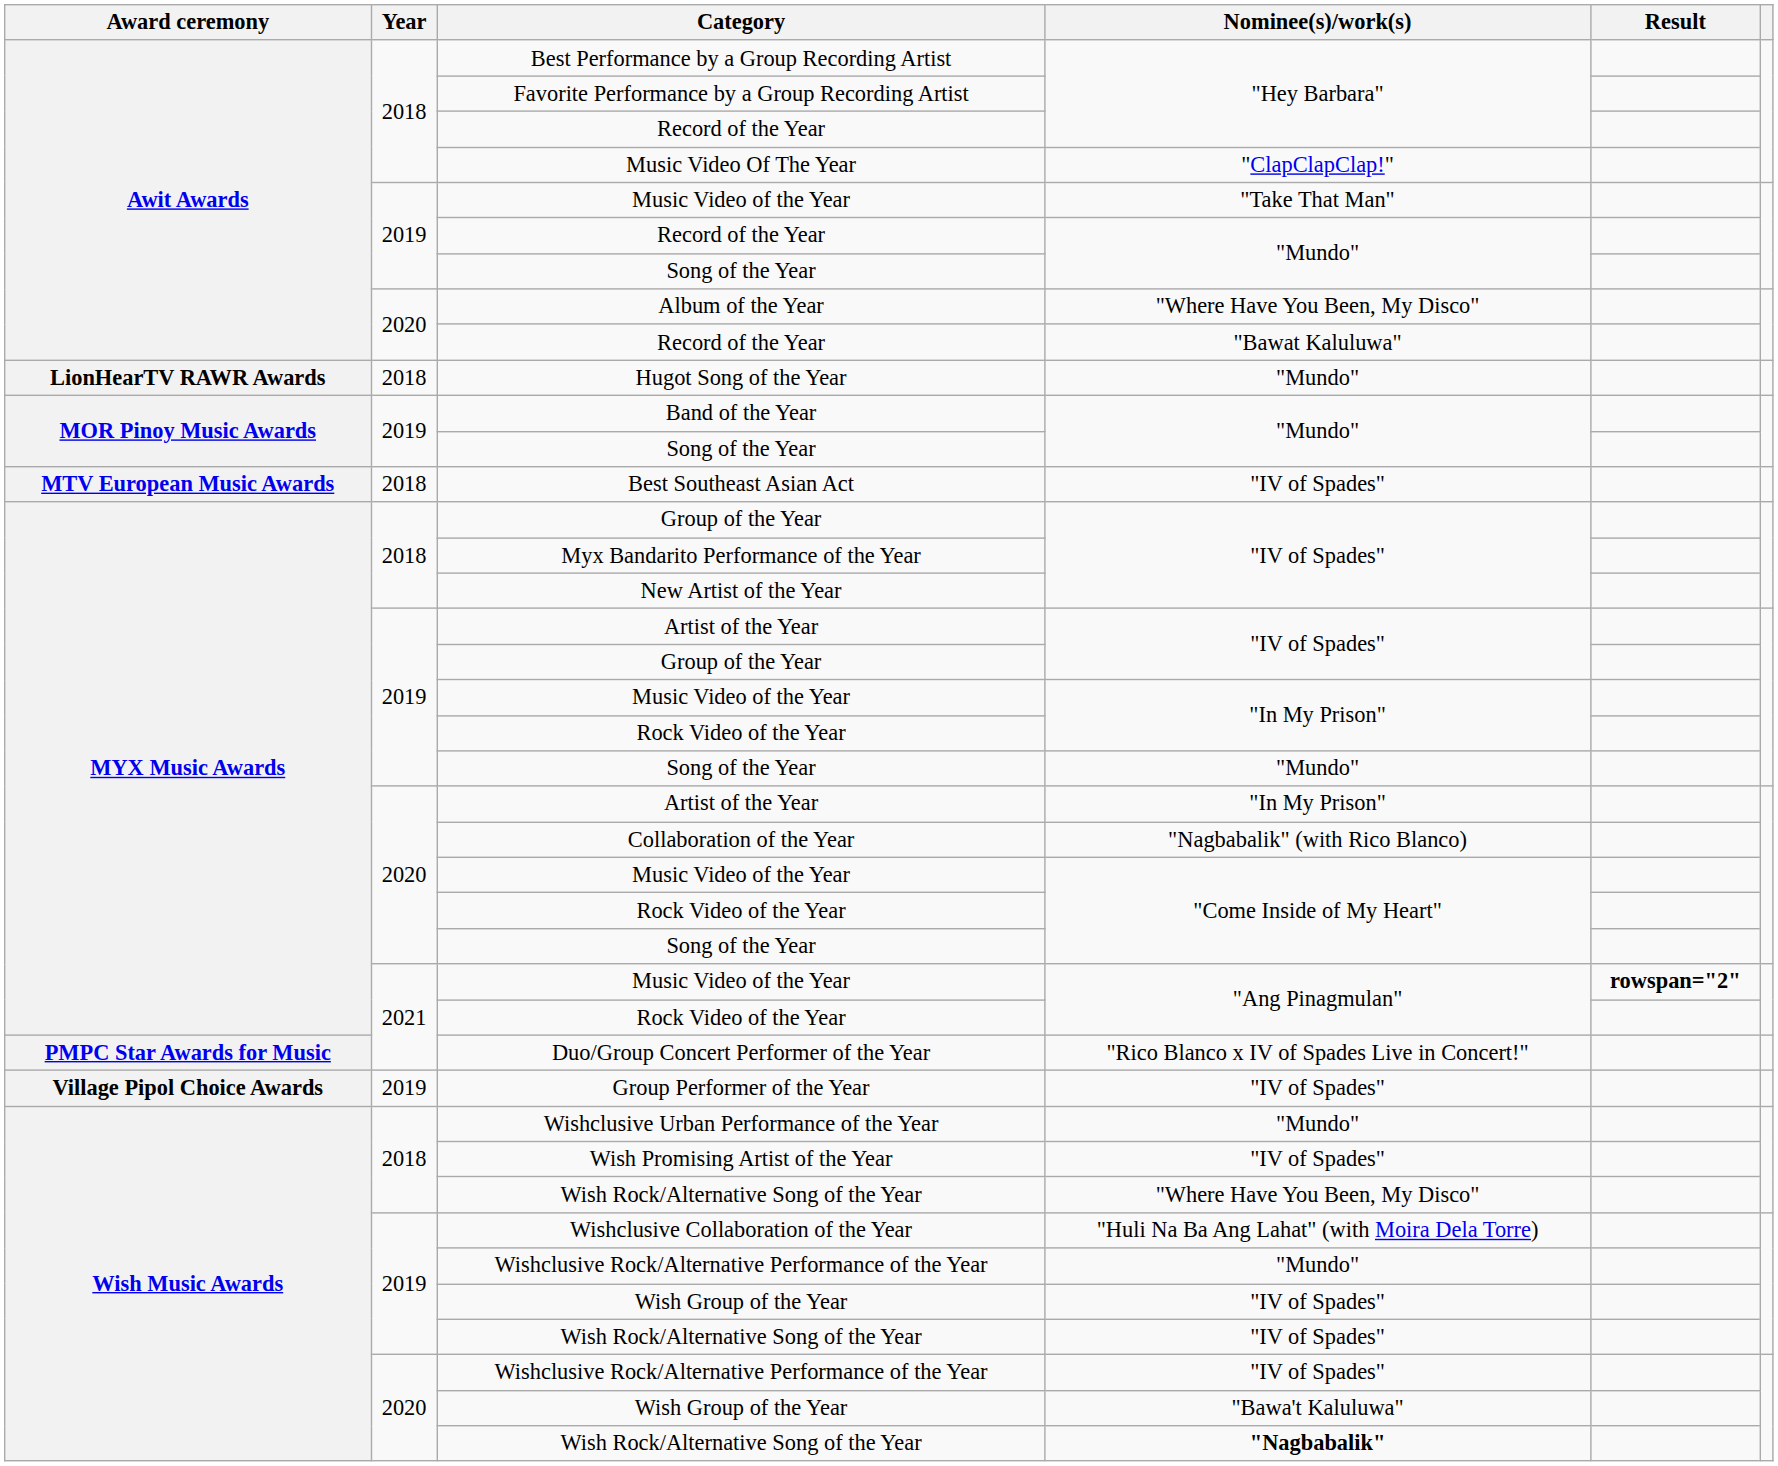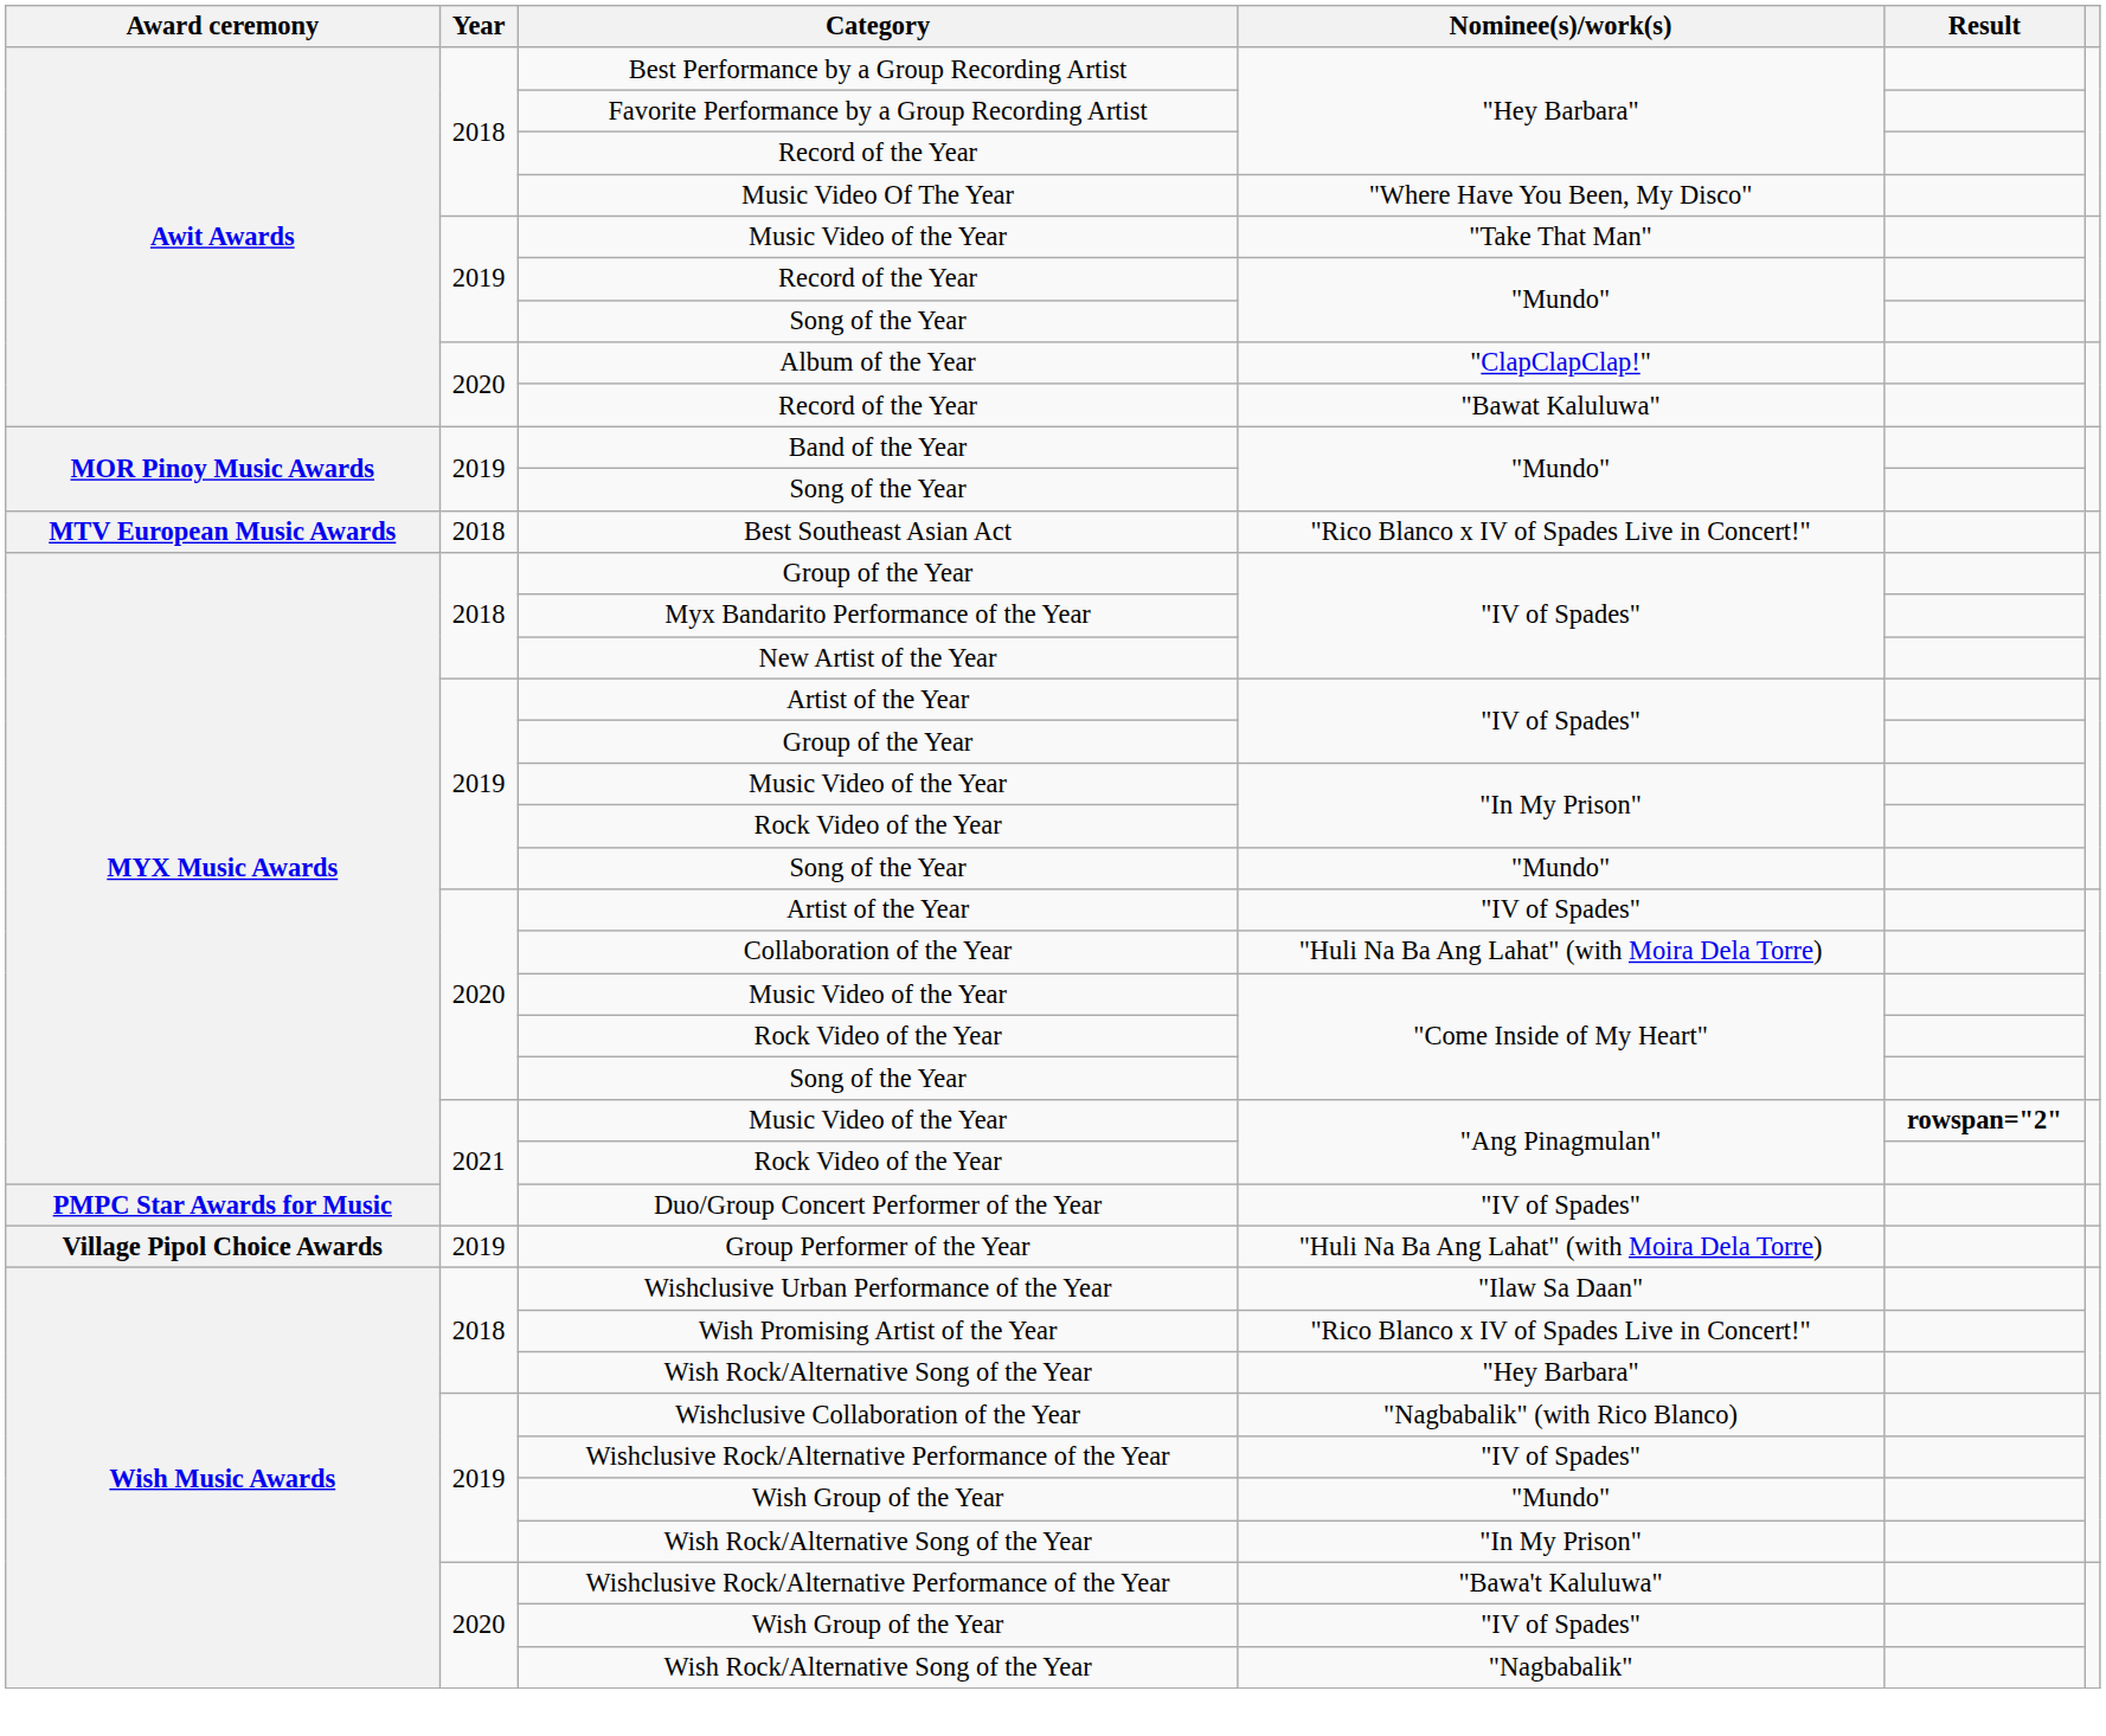 <table class="wikitable sortable plainrowheaders" style="text-align:center; width:100%;">
 <tr>
 <th scope="col">Award ceremony</th>
 <th scope="col">Year</th>
 <th scope="col">Category</th>
 <th scope="col">Nominee(s)/work(s)</th>
 <th scope="col">Result</th>
 <th scope="col" class="unsortable"></th>
 </tr>
 <tr>
 <th scope="row" rowspan="9"><a href='#'>Awit Awards</a></th>
 <td rowspan="4">2018</td>
 <td>Best Performance by a Group Recording Artist</td>
 <td align=center rowspan="3">"Hey Barbara"</td>
 <td></td>
 <td rowspan="4"></td>
 </tr>
 <tr>
 <td>Favorite Performance by a Group Recording Artist</td>
 <td></td>
 </tr>
 <tr>
 <td>Record of the Year</td>
 <td></td>
 </tr>
 <tr>
 <td>Music Video Of The Year</td>
-<td align=center>"<a href='#'>ClapClapClap!</a>"</td>
+<td align=center>"Where Have You Been, My Disco"</td>
 <td></td>
 </tr>
 <tr>
 <td rowspan="3">2019</td>
 <td>Music Video of the Year</td>
 <td align=center>"Take That Man"</td>
 <td></td>
 <td rowspan="3"></td>
 </tr>
 <tr>
 <td>Record of the Year</td>
 <td align=center rowspan="2">"Mundo"</td>
 <td></td>
 </tr>
 <tr>
 <td>Song of the Year</td>
 <td></td>
 </tr>
 <tr>
 <td rowspan="2">2020</td>
 <td>Album of the Year</td>
-<td align=center>"Where Have You Been, My Disco"</td>
+<td align=center>"<a href='#'>ClapClapClap!</a>"</td>
 <td></td>
 <td rowspan="2"></td>
 </tr>
 <tr>
 <td>Record of the Year</td>
 <td align=center>"Bawat Kaluluwa"</td>
-<td></td>
-</tr>
-<tr>
-<th scope="row">LionHearTV RAWR Awards</th>
-<td>2018</td>
-<td>Hugot Song of the Year</td>
-<td align=center>"Mundo"</td>
-<td></td>
 <td></td>
 </tr>
 <tr>
 <th scope="row" rowspan="2"><a href='#'>MOR Pinoy Music Awards</a></th>
 <td rowspan="2">2019</td>
 <td>Band of the Year</td>
 <td align=center rowspan="2">"Mundo"</td>
 <td></td>
 <td rowspan="2"></td>
 </tr>
 <tr>
 <td>Song of the Year</td>
 <td></td>
 </tr>
 <tr>
 <th scope="row"><a href='#'>MTV European Music Awards</a></th>
 <td>2018</td>
 <td>Best Southeast Asian Act</td>
-<td align=center>"IV of Spades"</td>
+<td align=center>"Rico Blanco x IV of Spades Live in Concert!"</td>
 <td></td>
 <td></td>
 </tr>
 <tr>
 <th scope="row" rowspan="15"><a href='#'>MYX Music Awards</a></th>
 <td rowspan="3">2018</td>
 <td>Group of the Year</td>
 <td align=center rowspan="3">"IV of Spades"</td>
 <td></td>
 <td rowspan="3"></td>
 </tr>
 <tr>
 <td>Myx Bandarito Performance of the Year</td>
 <td></td>
 </tr>
 <tr>
 <td>New Artist of the Year</td>
 <td></td>
 </tr>
 <tr>
 <td rowspan="5">2019</td>
 <td>Artist of the Year</td>
 <td align=center rowspan="2">"IV of Spades"</td>
 <td></td>
 <td rowspan="5"></td>
 </tr>
 <tr>
 <td>Group of the Year</td>
 <td></td>
 </tr>
 <tr>
 <td>Music Video of the Year</td>
 <td align=center rowspan="2">"In My Prison"</td>
 <td></td>
 </tr>
 <tr>
 <td>Rock Video of the Year</td>
 <td></td>
 </tr>
 <tr>
 <td>Song of the Year</td>
 <td align=center>"Mundo"</td>
 <td></td>
 </tr>
 <tr>
 <td rowspan="5">2020</td>
 <td>Artist of the Year</td>
-<td align=center>"In My Prison"</td>
+<td align=center>"IV of Spades"</td>
 <td></td>
 <td rowspan="5"></td>
 </tr>
 <tr>
 <td>Collaboration of the Year</td>
-<td align=center>"Nagbabalik" (with Rico Blanco)</td>
+<td align=center>"Huli Na Ba Ang Lahat" (with <a href='#'>Moira Dela Torre</a>)</td>
 <td></td>
 </tr>
 <tr>
 <td>Music Video of the Year</td>
 <td align=center rowspan="3">"Come Inside of My Heart"</td>
 <td></td>
 </tr>
 <tr>
 <td>Rock Video of the Year</td>
 <td></td>
 </tr>
 <tr>
 <td>Song of the Year</td>
 <td></td>
 </tr>
 <tr>
 <td rowspan="3">2021</td>
 <td>Music Video of the Year</td>
 <td align=center rowspan="2">"Ang Pinagmulan"</td>
 <td><strong>rowspan="2" </strong></td>
 <td rowspan="2"></td>
 </tr>
 <tr>
 <td>Rock Video of the Year</td>
 </tr>
 <tr>
 <th scope="row"><a href='#'>PMPC Star Awards for Music</a></th>
 <td>Duo/Group Concert Performer of the Year</td>
-<td align=center>"Rico Blanco x IV of Spades Live in Concert!"</td>
+<td align=center>"IV of Spades"</td>
 <td></td>
 <td></td>
 </tr>
 <tr>
 <th scope="row">Village Pipol Choice Awards</th>
 <td>2019</td>
 <td>Group Performer of the Year</td>
-<td align=center>"IV of Spades"</td>
+<td align=center>"Huli Na Ba Ang Lahat" (with <a href='#'>Moira Dela Torre</a>)</td>
 <td></td>
 <td></td>
 </tr>
 <tr>
 <th scope="row" rowspan="10"><a href='#'>Wish Music Awards</a></th>
 <td rowspan="3">2018</td>
 <td>Wishclusive Urban Performance of the Year</td>
-<td align=center>"Mundo"</td>
+<td align=center>"Ilaw Sa Daan"</td>
 <td></td>
 <td rowspan="3"></td>
 </tr>
 <tr>
 <td>Wish Promising Artist of the Year</td>
-<td align=center>"IV of Spades"</td>
+<td align=center>"Rico Blanco x IV of Spades Live in Concert!"</td>
 <td></td>
 </tr>
 <tr>
 <td>Wish Rock/Alternative Song of the Year</td>
-<td align=center>"Where Have You Been, My Disco"</td>
+<td align=center>"Hey Barbara"</td>
 <td></td>
 </tr>
 <tr>
 <td rowspan="4">2019</td>
 <td>Wishclusive Collaboration of the Year</td>
-<td align=center>"Huli Na Ba Ang Lahat" (with <a href='#'>Moira Dela Torre</a>)</td>
+<td align=center>"Nagbabalik" (with Rico Blanco)</td>
 <td></td>
 <td rowspan="4"></td>
 </tr>
 <tr>
 <td>Wishclusive Rock/Alternative Performance of the Year</td>
+<td align=center>"IV of Spades"</td>
+<td></td>
+</tr>
+<tr>
+<td>Wish Group of the Year</td>
 <td align=center>"Mundo"</td>
 <td></td>
+</tr>
+<tr>
+<td>Wish Rock/Alternative Song of the Year</td>
+<td align=center>"In My Prison"</td>
+<td></td>
+</tr>
+<tr>
+<td rowspan="3">2020</td>
+<td>Wishclusive Rock/Alternative Performance of the Year</td>
+<td align=center>"Bawa't Kaluluwa"</td>
+<td></td>
+<td rowspan="3"></td>
 </tr>
 <tr>
 <td>Wish Group of the Year</td>
 <td align=center>"IV of Spades"</td>
 <td></td>
 </tr>
 <tr>
 <td>Wish Rock/Alternative Song of the Year</td>
-<td align=center>"IV of Spades"</td>
-<td></td>
-</tr>
-<tr>
-<td rowspan="3">2020</td>
-<td>Wishclusive Rock/Alternative Performance of the Year</td>
-<td align=center>"IV of Spades"</td>
-<td></td>
-<td rowspan="3"></td>
-</tr>
-<tr>
-<td>Wish Group of the Year</td>
-<td align=center>"Bawa't Kaluluwa"</td>
-<td></td>
-</tr>
-<tr>
-<td>Wish Rock/Alternative Song of the Year</td>
-<td align=center><strong>"Nagbabalik"</strong></td>
+<td align=center>"Nagbabalik"</td>
 <td></td>
 </tr>
 </table>
